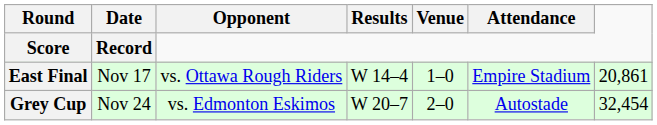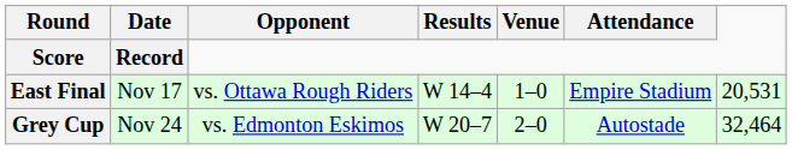 <table class="wikitable" style="text-align:center">
 <tr>
 <th scope="col">Round</th>
 <th scope="col">Date</th>
 <th scope="col">Opponent</th>
 <th scope="col">Results</th>
 <th scope="col">Venue</th>
 <th scope="col">Attendance</th>
 </tr>
 <tr>
 <th scope="col">Score</th>
 <th scope="col">Record</th>
 </tr>
 <tr style="background:#ddffdd">
 <th>East Final</th>
 <td>Nov 17</td>
 <td>vs. <a href='#'>Ottawa Rough Riders</a></td>
 <td>W 14–4</td>
 <td>1–0</td>
 <td><a href='#'>Empire Stadium</a></td>
-<td>20,861</td>
+<td>20,531</td>
 </tr>
 <tr style="background:#ddffdd">
 <th>Grey Cup</th>
 <td>Nov 24</td>
 <td>vs. <a href='#'>Edmonton Eskimos</a></td>
 <td>W 20–7</td>
 <td>2–0</td>
 <td><a href='#'>Autostade</a></td>
-<td>32,454</td>
+<td>32,464</td>
 </tr>
 </table>
